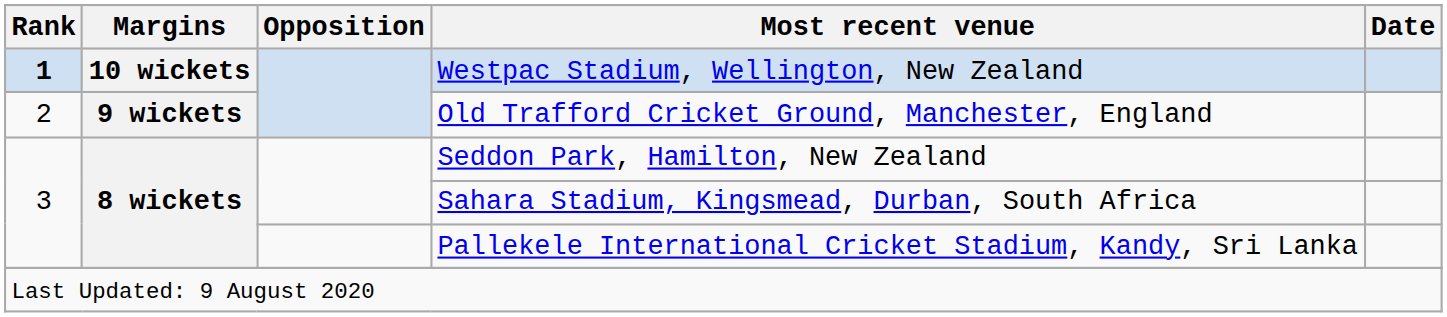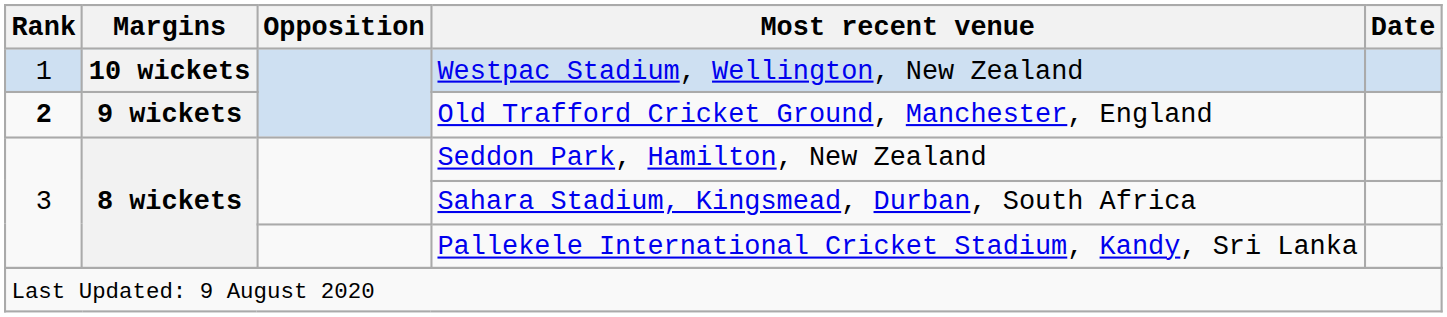 <table class="wikitable plainrowheaders sortable">
 <tr>
 <th scope=col>Rank</th>
 <th scope=col>Margins</th>
 <th scope=col>Opposition</th>
 <th scope=col>Most recent venue</th>
 <th scope=col>Date</th>
 </tr>
 <tr bgcolor=#cee0f2>
-<td align=center><strong>1</strong></td>
+<td align=center>1</td>
 <th scope=row style=text-align:center>10 wickets</th>
 <td rowspan=2></td>
 <td><a href='#'>Westpac Stadium</a>, <a href='#'>Wellington</a>, New Zealand</td>
 <td></td>
 </tr>
 <tr>
-<td align=center>2</td>
+<td align=center><strong>2</strong></td>
 <th scope=row style=text-align:center>9 wickets</th>
 <td><a href='#'>Old Trafford Cricket Ground</a>, <a href='#'>Manchester</a>, England</td>
 <td></td>
 </tr>
 <tr>
 <td align=center rowspan=3>3</td>
 <th scope=row style=text-align:center rowspan=3>8 wickets</th>
 <td rowspan=2></td>
 <td><a href='#'>Seddon Park</a>, <a href='#'>Hamilton</a>, New Zealand</td>
 <td></td>
 </tr>
 <tr>
 <td><a href='#'>Sahara Stadium, Kingsmead</a>, <a href='#'>Durban</a>, South Africa</td>
 <td></td>
 </tr>
 <tr>
 <td></td>
 <td><a href='#'>Pallekele International Cricket Stadium</a>, <a href='#'>Kandy</a>, Sri Lanka</td>
 <td></td>
 </tr>
 <tr>
 </tr>
 <tr class=sortbottom>
 <td colspan=5><small>Last Updated: 9 August 2020</small></td>
 </tr>
 </table>
